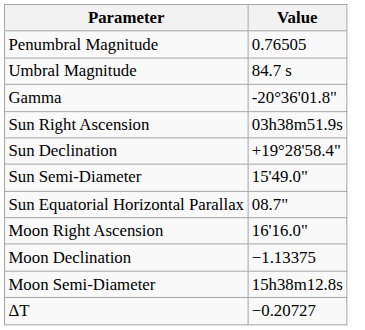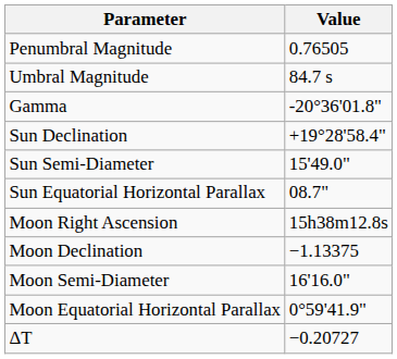 <table class="wikitable">
 <tr>
 <th>Parameter</th>
 <th>Value</th>
 </tr>
 <tr>
 <td>Penumbral Magnitude</td>
 <td>0.76505</td>
 </tr>
 <tr>
 <td>Umbral Magnitude</td>
 <td>84.7 s</td>
 </tr>
 <tr>
 <td>Gamma</td>
 <td>-20°36'01.8"</td>
 </tr>
 <tr>
-<td>Sun Right Ascension</td>
-<td>03h38m51.9s</td>
-</tr>
-<tr>
 <td>Sun Declination</td>
 <td>+19°28'58.4"</td>
 </tr>
 <tr>
 <td>Sun Semi-Diameter</td>
 <td>15'49.0"</td>
 </tr>
 <tr>
 <td>Sun Equatorial Horizontal Parallax</td>
 <td>08.7"</td>
 </tr>
 <tr>
 <td>Moon Right Ascension</td>
-<td>16'16.0"</td>
+<td>15h38m12.8s</td>
 </tr>
 <tr>
 <td>Moon Declination</td>
 <td>−1.13375</td>
 </tr>
 <tr>
 <td>Moon Semi-Diameter</td>
-<td>15h38m12.8s</td>
+<td>16'16.0"</td>
+</tr>
+<tr>
+<td>Moon Equatorial Horizontal Parallax</td>
+<td>0°59'41.9"</td>
 </tr>
 <tr>
 <td>ΔT</td>
 <td>−0.20727</td>
 </tr>
 </table>
